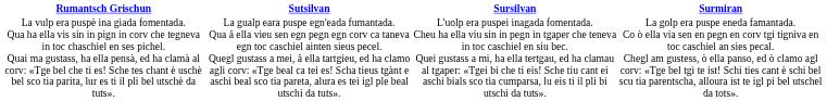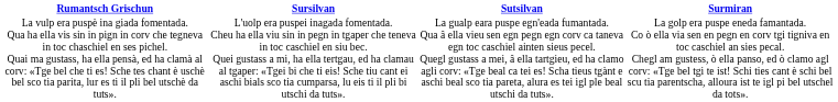 <table border="0" style="width:100%; font-family:serif; font-size:100%; text-align:center;">
 <tr>
 <th style="width:12.5%;"><a href='#'>Rumantsch Grischun</a> <br></th>
+<th style="width:12.5%;"><strong><a href='#'>Sursilvan</a></strong><br></th>
 <th style="width:12.5%;"><strong><a href='#'>Sutsilvan</a></strong></th>
-<th style="width:12.5%;"><strong><a href='#'>Sursilvan</a></strong><br></th>
 <th style="width:12.5%;"><strong><a href='#'>Surmiran</a></strong></th>
 </tr>
 <tr>
 <td>La vulp era puspè ina giada fomentada.<br>Qua ha ella vis sin in pign in corv che tegneva in toc chaschiel en ses pichel.<br>Quai ma gustass, ha ella pensà, ed ha clamà al corv: «Tge bel che ti es! Sche tes chant è uschè bel sco tia parita, lur es ti il pli bel utschè da tuts».</td>
+<td>L'uolp era puspei inagada fomentada.<br>Cheu ha ella viu sin in pegn in tgaper che teneva in toc caschiel en siu bec.<br>Quei gustass a mi, ha ella tertgau, ed ha clamau al tgaper: «Tgei bi che ti eis! Sche tiu cant ei aschi bials sco tia cumparsa, lu eis ti il pli bi utschi da tuts».</td>
 <td>La gualp eara puspe egn'eada fumantada.<br>Qua â ella vieu sen egn pegn egn corv ca taneva egn toc caschiel ainten sieus pecel.<br>Quegl gustass a mei, â ella tartgieu, ed ha clamo agli corv: «Tge beal ca tei es! Scha tieus tgànt e aschi beal sco tia pareta, alura es tei igl ple beal utschi da tuts».</td>
-<td>L'uolp era puspei inagada fomentada.<br>Cheu ha ella viu sin in pegn in tgaper che teneva in toc caschiel en siu bec.<br>Quei gustass a mi, ha ella tertgau, ed ha clamau al tgaper: «Tgei bi che ti eis! Sche tiu cant ei aschi bials sco tia cumparsa, lu eis ti il pli bi utschi da tuts».</td>
 <td>La golp era puspe eneda famantada.<br>Co ò ella via sen en pegn en corv tgi tigniva en toc caschiel an sies pecal.<br>Chegl am gustess, ò ella panso, ed ò clamo agl corv: «Tge bel tgi te ist! Schi ties cant è schi bel scu tia parentscha, alloura ist te igl pi bel utschel da tots».</td>
 </tr>
 </table>
